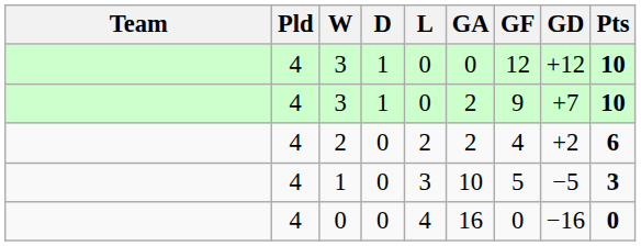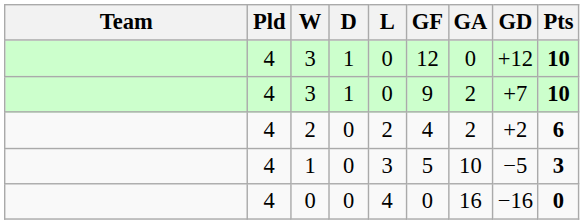 <table class="wikitable" style="text-align: center;">
 <tr>
 <th width=165>Team</th>
 <th width=20>Pld</th>
 <th width=20>W</th>
 <th width=20>D</th>
 <th width=20>L</th>
+<th width=20>GF</th>
 <th width=20>GA</th>
-<th width=20>GF</th>
 <th width=20>GD</th>
 <th width=20>Pts</th>
 </tr>
 <tr bgcolor=ccffcc>
 <td style="text-align:left;"></td>
 <td>4</td>
 <td>3</td>
 <td>1</td>
 <td>0</td>
+<td>12</td>
 <td>0</td>
-<td>12</td>
 <td>+12</td>
 <td><strong>10</strong></td>
 </tr>
 <tr bgcolor=ccffcc>
 <td style="text-align:left;"></td>
 <td>4</td>
 <td>3</td>
 <td>1</td>
 <td>0</td>
+<td>9</td>
 <td>2</td>
-<td>9</td>
 <td>+7</td>
 <td><strong>10</strong></td>
 </tr>
 <tr>
 <td style="text-align:left;"></td>
 <td>4</td>
 <td>2</td>
 <td>0</td>
 <td>2</td>
+<td>4</td>
 <td>2</td>
-<td>4</td>
 <td>+2</td>
 <td><strong>6</strong></td>
 </tr>
 <tr>
 <td style="text-align:left;"></td>
 <td>4</td>
 <td>1</td>
 <td>0</td>
 <td>3</td>
+<td>5</td>
 <td>10</td>
-<td>5</td>
 <td>−5</td>
 <td><strong>3</strong></td>
 </tr>
 <tr>
 <td style="text-align:left;"></td>
 <td>4</td>
 <td>0</td>
 <td>0</td>
 <td>4</td>
+<td>0</td>
 <td>16</td>
-<td>0</td>
 <td>−16</td>
 <td><strong>0</strong></td>
 </tr>
 </table>
